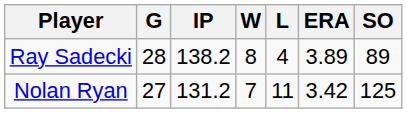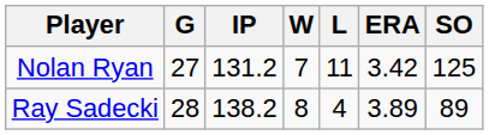 <table class="wikitable sortable">
 <tr>
 <th>Player</th>
 <th>G</th>
 <th>IP</th>
 <th>W</th>
 <th>L</th>
 <th>ERA</th>
 <th>SO</th>
 </tr>
 <tr align="center">
+<td><a href='#'>Nolan Ryan</a></td>
+<td>27</td>
+<td>131.2</td>
+<td>7</td>
+<td>11</td>
+<td>3.42</td>
+<td>125</td>
+</tr>
+<tr align="center">
 <td><a href='#'>Ray Sadecki</a></td>
 <td>28</td>
 <td>138.2</td>
 <td>8</td>
 <td>4</td>
 <td>3.89</td>
 <td>89</td>
 </tr>
-<tr align="center">
-<td><a href='#'>Nolan Ryan</a></td>
-<td>27</td>
-<td>131.2</td>
-<td>7</td>
-<td>11</td>
-<td>3.42</td>
-<td>125</td>
-</tr>
 </table>
